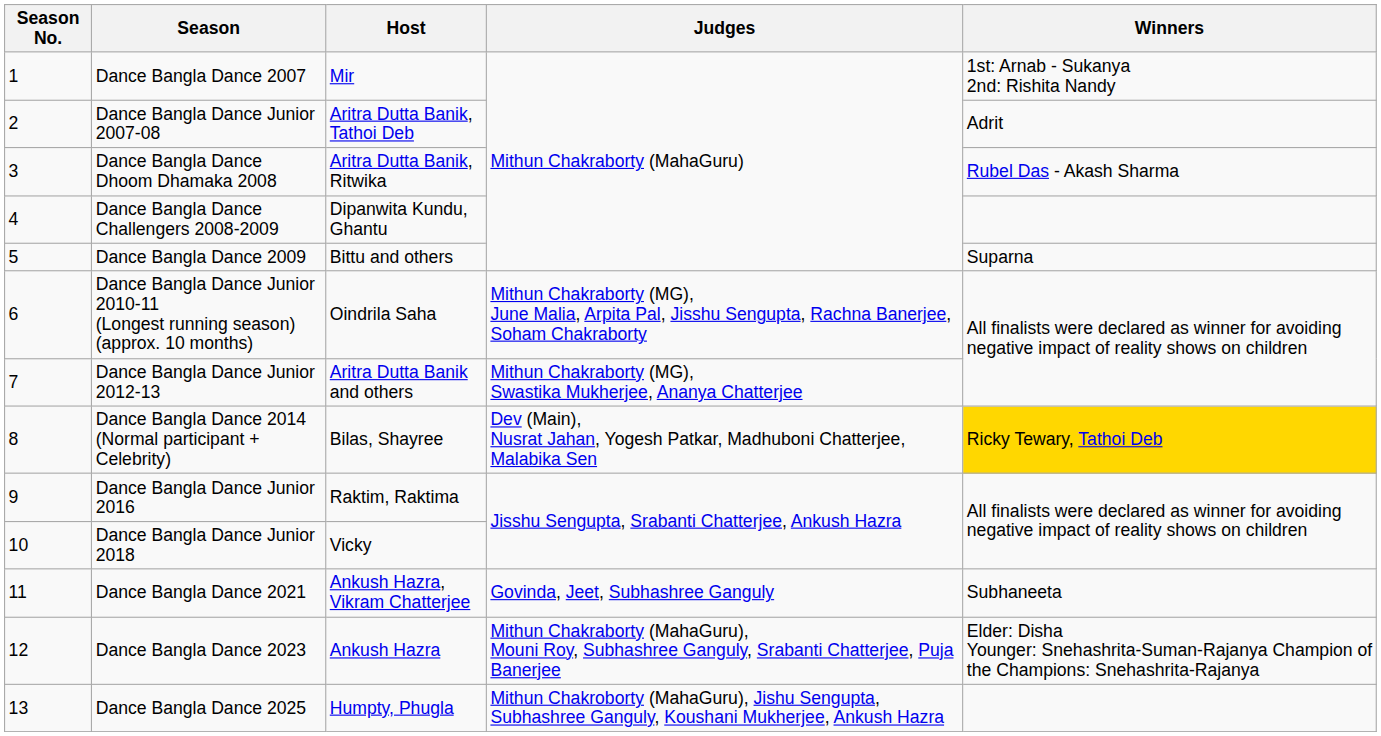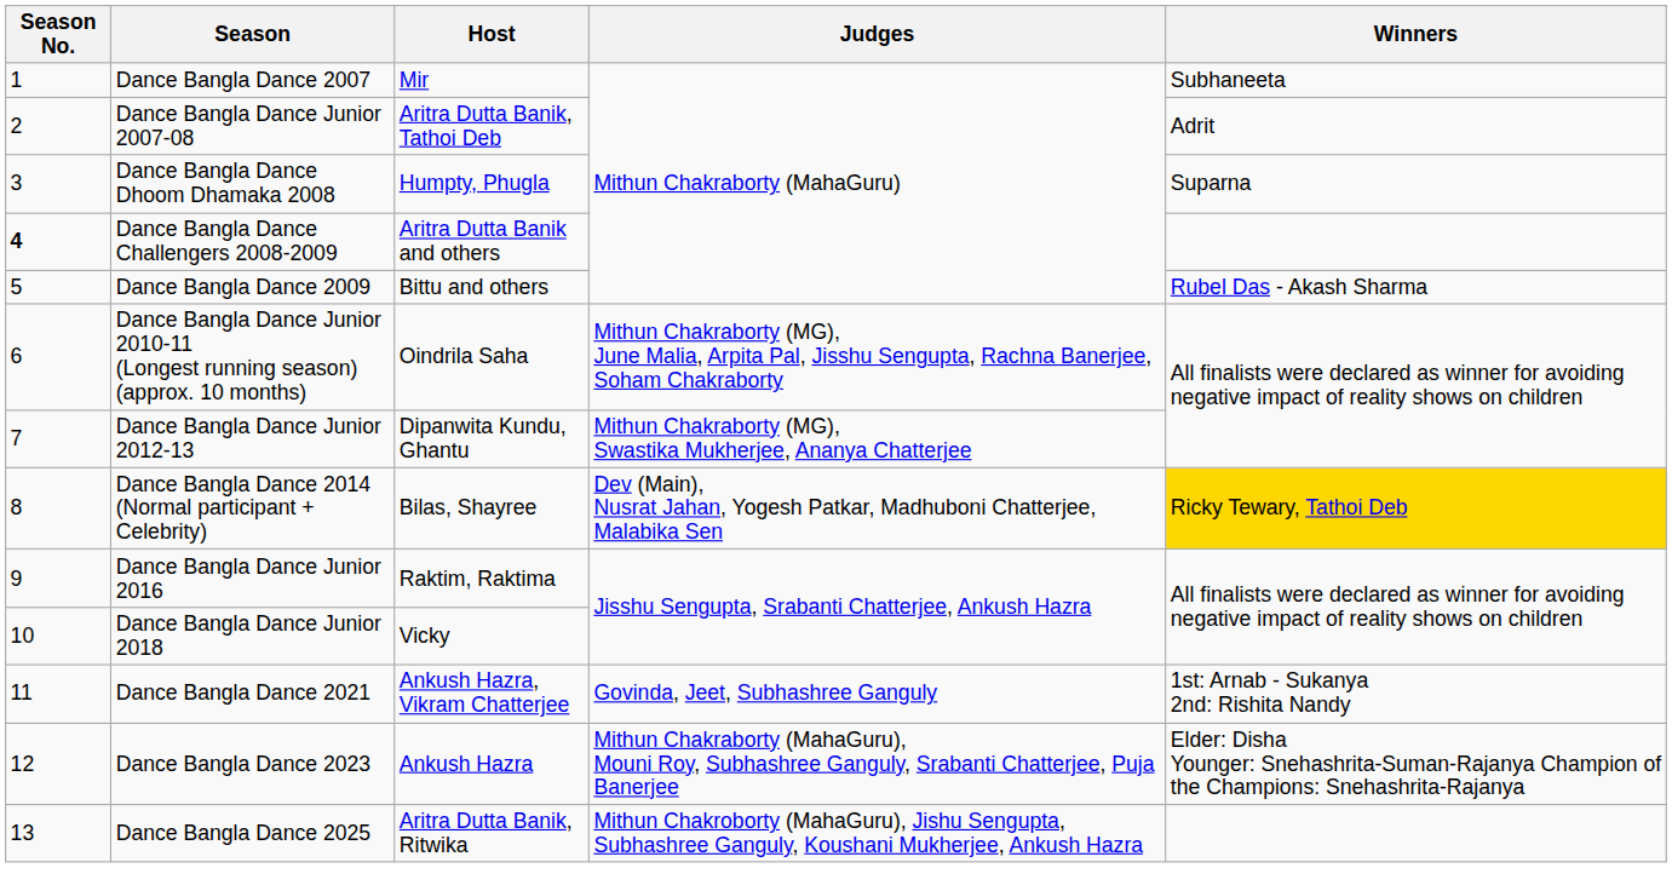 <table class="wikitable">
 <tr>
 <th>Season No.</th>
 <th>Season</th>
 <th>Host</th>
 <th>Judges</th>
 <th>Winners</th>
 </tr>
 <tr>
 <td>1</td>
 <td>Dance Bangla Dance 2007</td>
 <td><a href='#'>Mir</a></td>
 <td rowspan="5"><a href='#'>Mithun Chakraborty</a> (MahaGuru)</td>
-<td>1st: Arnab - Sukanya<br>2nd: Rishita Nandy</td>
+<td>Subhaneeta</td>
 </tr>
 <tr>
 <td>2</td>
 <td>Dance Bangla Dance Junior 2007-08</td>
 <td><a href='#'>Aritra Dutta Banik</a>,<br><a href='#'>Tathoi Deb</a></td>
 <td>Adrit</td>
 </tr>
 <tr>
 <td>3</td>
 <td>Dance Bangla Dance<br>Dhoom Dhamaka 2008</td>
-<td><a href='#'>Aritra Dutta Banik</a>,<br>Ritwika</td>
-<td><a href='#'>Rubel Das</a> - Akash Sharma</td>
+<td><a href='#'>Humpty, Phugla</a></td>
+<td>Suparna</td>
 </tr>
 <tr>
-<td>4</td>
+<td><strong>4</strong></td>
 <td>Dance Bangla Dance Challengers 2008-2009</td>
-<td>Dipanwita Kundu,<br>Ghantu</td>
+<td><a href='#'>Aritra Dutta Banik</a> and others</td>
 <td></td>
 </tr>
 <tr>
 <td>5</td>
 <td>Dance Bangla Dance 2009</td>
 <td>Bittu and others</td>
-<td>Suparna</td>
+<td><a href='#'>Rubel Das</a> - Akash Sharma</td>
 </tr>
 <tr>
 <td>6</td>
 <td>Dance Bangla Dance Junior 2010-11<br>(Longest running season) (approx. 10 months)</td>
 <td>Oindrila Saha</td>
 <td><a href='#'>Mithun Chakraborty</a> (MG),<br><a href='#'>June Malia</a>, <a href='#'>Arpita Pal</a>, <a href='#'>Jisshu Sengupta</a>, <a href='#'>Rachna Banerjee</a>, <a href='#'>Soham Chakraborty</a></td>
 <td rowspan="2">All finalists were declared as winner for avoiding negative impact of reality shows on children</td>
 </tr>
 <tr>
 <td>7</td>
 <td>Dance Bangla Dance Junior 2012-13</td>
-<td><a href='#'>Aritra Dutta Banik</a> and others</td>
+<td>Dipanwita Kundu,<br>Ghantu</td>
 <td><a href='#'>Mithun Chakraborty</a> (MG),<br><a href='#'>Swastika Mukherjee</a>, <a href='#'>Ananya Chatterjee</a></td>
 </tr>
 <tr>
 <td>8</td>
 <td>Dance Bangla Dance 2014<br>(Normal participant + Celebrity)</td>
 <td>Bilas, Shayree</td>
 <td><a href='#'>Dev</a> (Main),<br><a href='#'>Nusrat Jahan</a>, Yogesh Patkar, Madhuboni Chatterjee, <a href='#'>Malabika Sen</a></td>
 <td style="background: gold;">Ricky Tewary, <a href='#'>Tathoi Deb</a></td>
 </tr>
 <tr>
 <td>9</td>
 <td>Dance Bangla Dance Junior 2016</td>
 <td>Raktim, Raktima</td>
 <td rowspan="2"><a href='#'>Jisshu Sengupta</a>, <a href='#'>Srabanti Chatterjee</a>, <a href='#'>Ankush Hazra</a></td>
 <td rowspan="2">All finalists were declared as winner for avoiding negative impact of reality shows on children</td>
 </tr>
 <tr>
 <td>10</td>
 <td>Dance Bangla Dance Junior 2018</td>
 <td>Vicky</td>
 </tr>
 <tr>
 <td>11</td>
 <td>Dance Bangla Dance 2021</td>
 <td><a href='#'>Ankush Hazra</a>,<br><a href='#'>Vikram Chatterjee</a></td>
 <td><a href='#'>Govinda</a>, <a href='#'>Jeet</a>, <a href='#'>Subhashree Ganguly</a></td>
-<td>Subhaneeta</td>
+<td>1st: Arnab - Sukanya<br>2nd: Rishita Nandy</td>
 </tr>
 <tr>
 <td>12</td>
 <td>Dance Bangla Dance 2023</td>
 <td><a href='#'>Ankush Hazra</a></td>
 <td><a href='#'>Mithun Chakraborty</a> (MahaGuru),<br><a href='#'>Mouni Roy</a>, <a href='#'>Subhashree Ganguly</a>, <a href='#'>Srabanti Chatterjee</a>, <a href='#'>Puja Banerjee</a></td>
 <td>Elder: Disha<br>Younger: Snehashrita-Suman-Rajanya Champion of the Champions: Snehashrita-Rajanya</td>
 </tr>
 <tr>
 <td>13</td>
 <td>Dance Bangla Dance 2025</td>
-<td><a href='#'>Humpty, Phugla</a></td>
+<td><a href='#'>Aritra Dutta Banik</a>,<br>Ritwika</td>
 <td><a href='#'>Mithun Chakroborty</a> (MahaGuru), <a href='#'>Jishu Sengupta</a>, <a href='#'>Subhashree Ganguly</a>, <a href='#'>Koushani Mukherjee</a>, <a href='#'>Ankush Hazra</a></td>
 </tr>
 </table>
